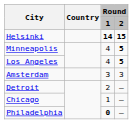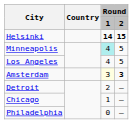 <table class="wikitable">
 <tr>
 <th rowspan=2>City</th>
 <th rowspan=2>Country</th>
 <th colspan=2 style="background:silver;">Round</th>
 </tr>
 <tr>
 <th style="background:silver;">1</th>
 <th style="background:silver;">2</th>
 </tr>
 <tr>
 <td><a href='#'>Helsinki</a></td>
 <td></td>
 <td style="text-align:center;"><strong>14</strong></td>
 <td style="text-align:center;"><strong>15</strong></td>
 </tr>
 <tr>
 <td><a href='#'>Minneapolis</a></td>
 <td rowspan="2"></td>
-<td style="text-align:center;">4</td>
-<td style="text-align:center;"><strong>5</strong></td>
+<td style="background: paleturquoise; text-align:center;">4</td>
+<td style="text-align:center;">5</td>
 </tr>
 <tr>
 <td><a href='#'>Los Angeles</a></td>
 <td style="text-align:center;">4</td>
-<td style="text-align:center;"><strong>5</strong></td>
+<td style="text-align:center;">5</td>
 </tr>
 <tr>
 <td><a href='#'>Amsterdam</a></td>
 <td></td>
-<td style="text-align:center;">3</td>
-<td style="text-align:center;">3</td>
+<td style="background: lightyellow; text-align:center;">3</td>
+<td style="text-align:center;"><strong>3</strong></td>
 </tr>
 <tr>
 <td><a href='#'>Detroit</a></td>
 <td rowspan="3"></td>
 <td style="text-align:center;">2</td>
 <td style="text-align:center;">—</td>
 </tr>
 <tr>
 <td><a href='#'>Chicago</a></td>
 <td style="text-align:center;">1</td>
 <td style="text-align:center;">—</td>
 </tr>
 <tr>
 <td><a href='#'>Philadelphia</a></td>
-<td style="text-align:center;"><strong>0</strong></td>
+<td style="text-align:center;">0</td>
 <td style="text-align:center;">—</td>
 </tr>
 </table>
